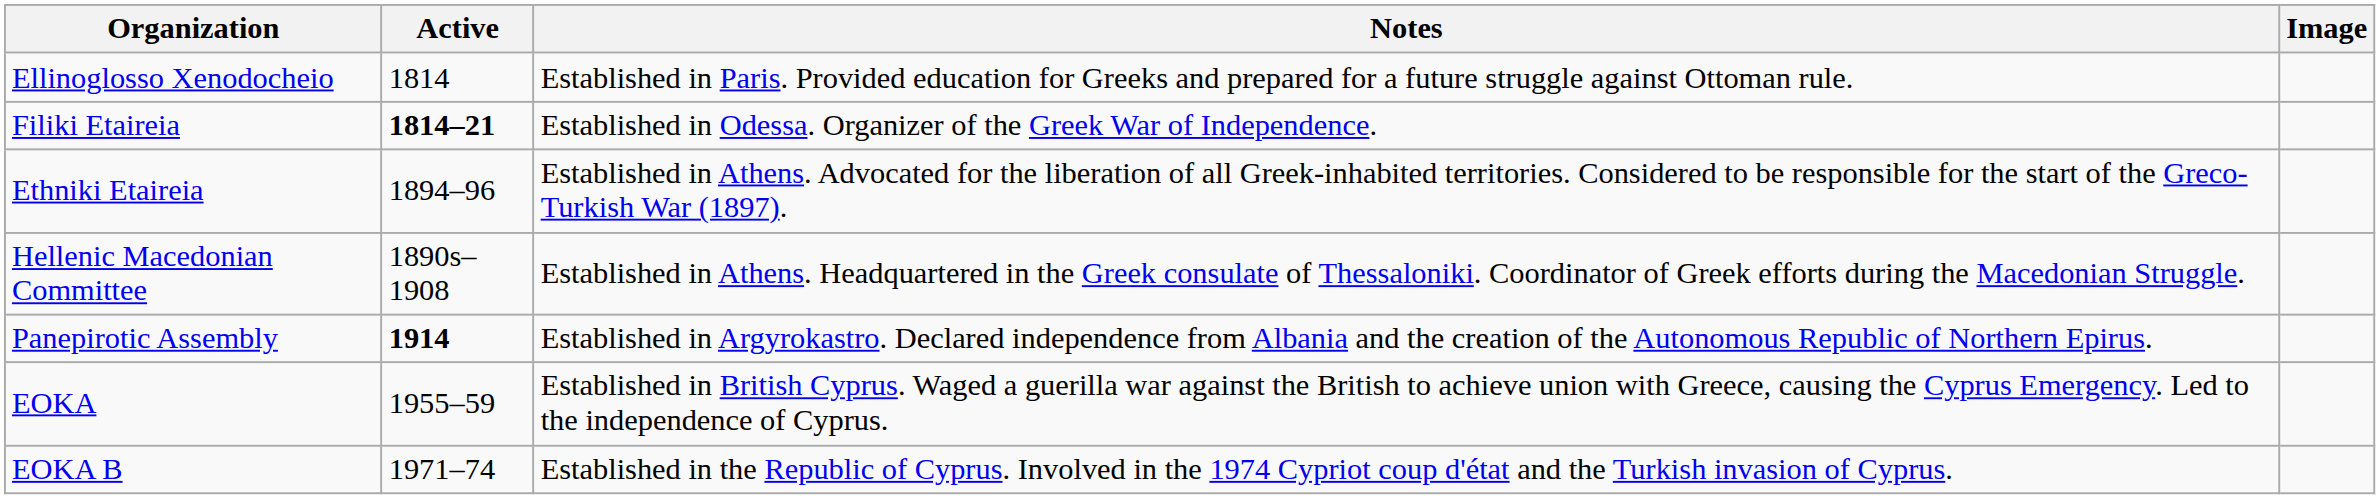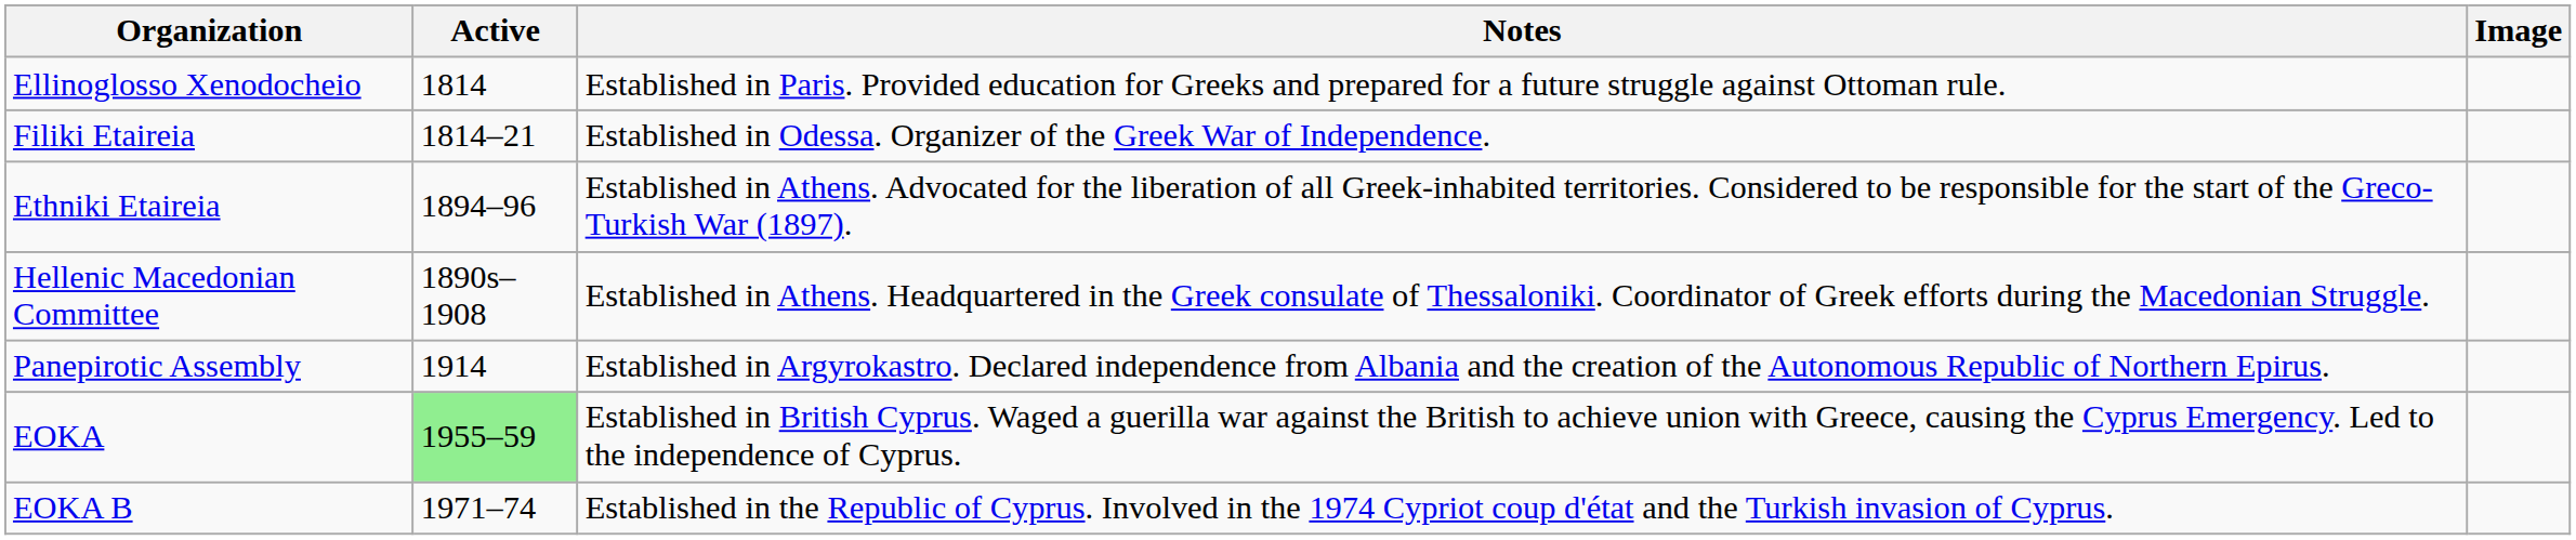 <table align="center" class="wikitable">
 <tr>
 <th>Organization</th>
 <th>Active</th>
 <th>Notes</th>
 <th>Image</th>
 </tr>
 <tr>
 <td><a href='#'>Ellinoglosso Xenodocheio</a></td>
 <td>1814</td>
 <td>Established in <a href='#'>Paris</a>. Provided education for Greeks and prepared for a future struggle against Ottoman rule.</td>
 </tr>
 <tr>
 <td><a href='#'>Filiki Etaireia</a></td>
-<td><strong>1814–21</strong></td>
+<td>1814–21</td>
 <td>Established in <a href='#'>Odessa</a>. Organizer of the <a href='#'>Greek War of Independence</a>.</td>
 <td></td>
 </tr>
 <tr>
 <td><a href='#'>Ethniki Etaireia</a></td>
 <td>1894–96</td>
 <td>Established in <a href='#'>Athens</a>. Advocated for the liberation of all Greek-inhabited territories. Considered to be responsible for the start of the <a href='#'>Greco-Turkish War (1897)</a>.</td>
 </tr>
 <tr>
 <td><a href='#'>Hellenic Macedonian Committee</a></td>
 <td>1890s–1908</td>
 <td>Established in <a href='#'>Athens</a>. Headquartered in the <a href='#'>Greek consulate</a> of <a href='#'>Thessaloniki</a>. Coordinator of Greek efforts during the <a href='#'>Macedonian Struggle</a>.</td>
 <td></td>
 </tr>
 <tr>
 <td><a href='#'>Panepirotic Assembly</a></td>
-<td><strong>1914</strong></td>
+<td>1914</td>
 <td>Established in <a href='#'>Argyrokastro</a>. Declared independence from <a href='#'>Albania</a> and the creation of the <a href='#'>Autonomous Republic of Northern Epirus</a>.</td>
 <td></td>
 </tr>
 <tr>
 <td><a href='#'>EOKA</a></td>
-<td>1955–59</td>
+<td style="background: lightgreen;">1955–59</td>
 <td>Established in <a href='#'>British Cyprus</a>. Waged a guerilla war against the British to achieve union with Greece, causing the <a href='#'>Cyprus Emergency</a>. Led to the independence of Cyprus.</td>
 <td></td>
 </tr>
 <tr>
 <td><a href='#'>EOKA B</a></td>
 <td>1971–74</td>
 <td>Established in the <a href='#'>Republic of Cyprus</a>. Involved in the <a href='#'>1974 Cypriot coup d'état</a> and the <a href='#'>Turkish invasion of Cyprus</a>.</td>
 <td></td>
 </tr>
 </table>
